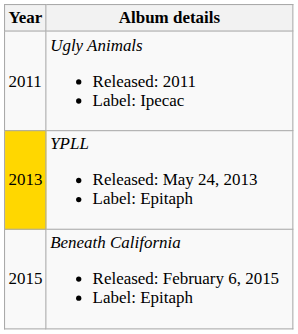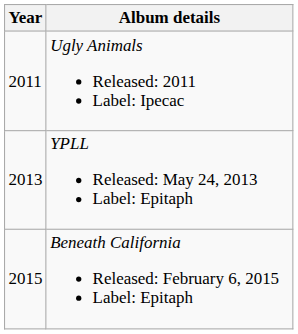 <table class="wikitable">
 <tr>
 <th>Year</th>
 <th width="225">Album details</th>
 </tr>
 <tr>
 <td>2011</td>
 <td><em>Ugly Animals</em><br><ul><li>Released: 2011</li><li>Label:  Ipecac</li></ul></td>
 </tr>
 <tr>
-<td style="background: gold;">2013</td>
+<td>2013</td>
 <td><em>YPLL</em><br><ul><li>Released: May 24, 2013</li><li>Label: Epitaph</li></ul></td>
 </tr>
 <tr>
 <td>2015</td>
 <td><em>Beneath California</em><br><ul><li>Released: February 6, 2015</li><li>Label: Epitaph</li></ul></td>
 </tr>
 </table>
